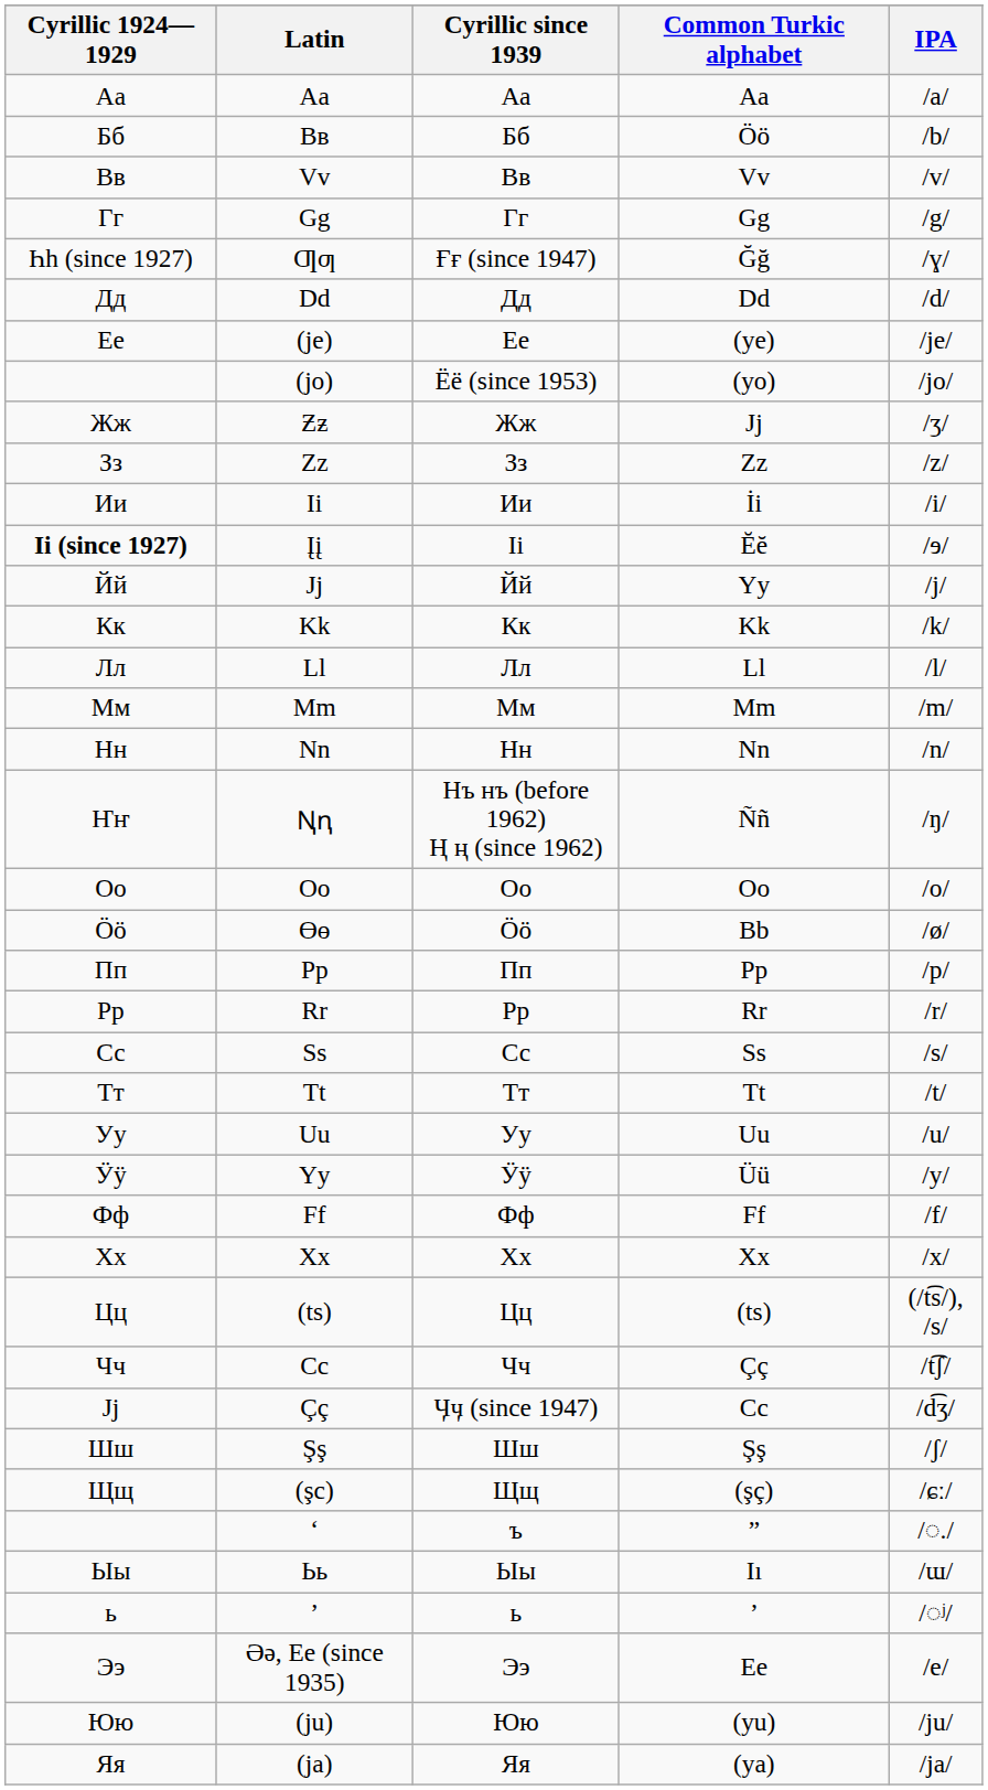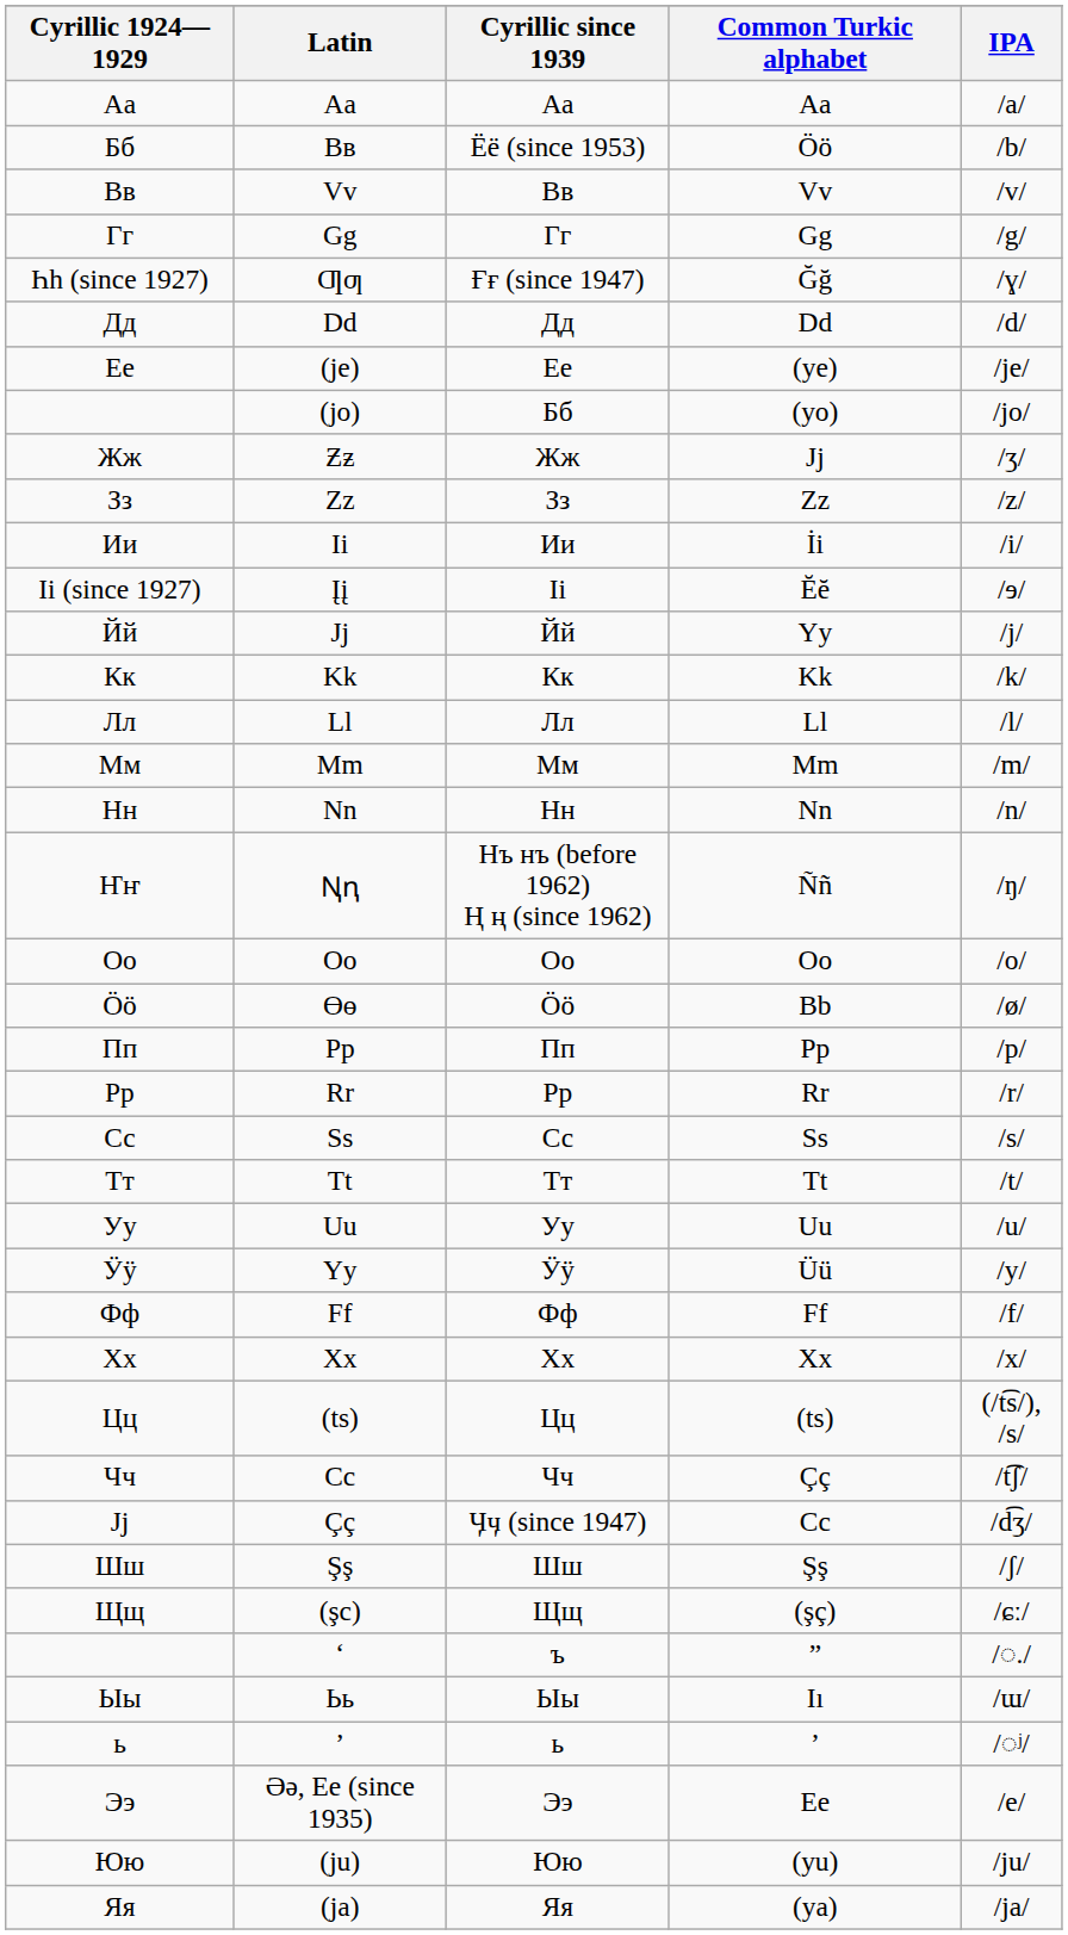 <table class="wikitable" style="text-align: center">
 <tr style="font-family: Arial Unicode MS;">
 </tr>
 <tr>
 <th>Cyrillic  1924—1929</th>
 <th>Latin</th>
 <th>Cyrillic since 1939</th>
 <th><a href='#'>Common Turkic alphabet</a></th>
 <th><a href='#'>IPA</a></th>
 </tr>
 <tr>
 <td>Аa</td>
 <td>Аa</td>
 <td>Аа</td>
 <td>Aa</td>
 <td>/a/</td>
 </tr>
 <tr>
 <td>Бб</td>
 <td>Bв</td>
-<td>Бб</td>
+<td>Ёё (since 1953)</td>
 <td>Öö</td>
 <td>/b/</td>
 </tr>
 <tr>
 <td>Вв</td>
 <td>Vv</td>
 <td>Вв</td>
 <td>Vv</td>
 <td>/v/</td>
 </tr>
 <tr>
 <td>Гг</td>
 <td>Gg</td>
 <td>Гг</td>
 <td>Gg</td>
 <td>/g/</td>
 </tr>
 <tr>
 <td>Һh (since 1927)</td>
 <td>Ƣƣ</td>
 <td>Ғғ (since 1947)</td>
 <td>Ğğ</td>
 <td>/ɣ/</td>
 </tr>
 <tr>
 <td>Дд</td>
 <td>Dd</td>
 <td>Дд</td>
 <td>Dd</td>
 <td>/d/</td>
 </tr>
 <tr>
 <td>Ее</td>
 <td>(je)</td>
 <td>Ее</td>
 <td>(ye)</td>
 <td>/je/</td>
 </tr>
 <tr>
 <td></td>
 <td>(jo)</td>
-<td>Ёё (since 1953)</td>
+<td>Бб</td>
 <td>(yo)</td>
 <td>/jo/</td>
 </tr>
 <tr>
 <td>Жж</td>
 <td>Ƶƶ</td>
 <td>Жж</td>
 <td>Jj</td>
 <td>/ʒ/</td>
 </tr>
 <tr>
 <td>Зз</td>
 <td>Zz</td>
 <td>Зз</td>
 <td>Zz</td>
 <td>/z/</td>
 </tr>
 <tr>
 <td>Ии</td>
 <td>Ii</td>
 <td>Ии</td>
 <td>İi</td>
 <td>/i/</td>
 </tr>
 <tr>
-<td><strong>Ii (since 1927)</strong></td>
+<td>Ii (since 1927)</td>
 <td>Įį</td>
 <td>Ii</td>
 <td>Ĕĕ</td>
 <td>/ɘ/</td>
 </tr>
 <tr>
 <td>Йй</td>
 <td>Jj</td>
 <td>Йй</td>
 <td>Yy</td>
 <td>/j/</td>
 </tr>
 <tr>
 <td>Кк</td>
 <td>Kk</td>
 <td>Кк</td>
 <td>Kk</td>
 <td>/k/</td>
 </tr>
 <tr>
 <td>Лл</td>
 <td>Ll</td>
 <td>Лл</td>
 <td>Ll</td>
 <td>/l/</td>
 </tr>
 <tr>
 <td>Мм</td>
 <td>Mm</td>
 <td>Мм</td>
 <td>Mm</td>
 <td>/m/</td>
 </tr>
 <tr>
 <td>Нн</td>
 <td>Nn</td>
 <td>Нн</td>
 <td>Nn</td>
 <td>/n/</td>
 </tr>
 <tr>
 <td>Ҥҥ</td>
 <td>Ꞑꞑ</td>
 <td>Нъ нъ (before 1962)<br>Ң ң (since 1962)</td>
 <td>Ññ</td>
 <td>/ŋ/</td>
 </tr>
 <tr>
 <td>Оо</td>
 <td>Оо</td>
 <td>Оо</td>
 <td>Oo</td>
 <td>/o/</td>
 </tr>
 <tr>
 <td>Ӧӧ</td>
 <td>Ɵɵ</td>
 <td>Ӧӧ</td>
 <td>Bb</td>
 <td>/ø/</td>
 </tr>
 <tr>
 <td>Пп</td>
 <td>Pp</td>
 <td>Пп</td>
 <td>Pp</td>
 <td>/p/</td>
 </tr>
 <tr>
 <td>Рр</td>
 <td>Rr</td>
 <td>Рр</td>
 <td>Rr</td>
 <td>/r/</td>
 </tr>
 <tr>
 <td>Сс</td>
 <td>Ss</td>
 <td>Сс</td>
 <td>Ss</td>
 <td>/s/</td>
 </tr>
 <tr>
 <td>Тт</td>
 <td>Tt</td>
 <td>Тт</td>
 <td>Tt</td>
 <td>/t/</td>
 </tr>
 <tr>
 <td>Уу</td>
 <td>Uu</td>
 <td>Уу</td>
 <td>Uu</td>
 <td>/u/</td>
 </tr>
 <tr>
 <td>Ӱӱ</td>
 <td>Yy</td>
 <td>Ӱӱ</td>
 <td>Üü</td>
 <td>/y/</td>
 </tr>
 <tr>
 <td>Фф</td>
 <td>Ff</td>
 <td>Фф</td>
 <td>Ff</td>
 <td>/f/</td>
 </tr>
 <tr>
 <td>Хх</td>
 <td>Хх</td>
 <td>Хх</td>
 <td>Xx</td>
 <td>/x/</td>
 </tr>
 <tr>
 <td>Цц</td>
 <td>(ts)</td>
 <td>Цц</td>
 <td>(ts)</td>
 <td>(/t͡s/), /s/</td>
 </tr>
 <tr>
 <td>Чч</td>
 <td>Cc</td>
 <td>Чч</td>
 <td>Çç</td>
 <td>/t͡ʃ/</td>
 </tr>
 <tr>
 <td>Jj</td>
 <td>Çç</td>
 <td>Ӌӌ (since 1947)</td>
 <td>Cc</td>
 <td>/d͡ʒ/</td>
 </tr>
 <tr>
 <td>Шш</td>
 <td>Şş</td>
 <td>Шш</td>
 <td>Şş</td>
 <td>/ʃ/</td>
 </tr>
 <tr>
 <td>Щщ</td>
 <td>(şc)</td>
 <td>Щщ</td>
 <td>(şç)</td>
 <td>/ɕː/</td>
 </tr>
 <tr>
 <td></td>
 <td>‘</td>
 <td>ъ</td>
 <td>”</td>
 <td>/◌./</td>
 </tr>
 <tr>
 <td>Ыы</td>
 <td>Ьь</td>
 <td>Ыы</td>
 <td>Iı</td>
 <td>/ɯ/</td>
 </tr>
 <tr>
 <td>ь</td>
 <td>’</td>
 <td>ь</td>
 <td>’</td>
 <td>/◌ʲ/</td>
 </tr>
 <tr>
 <td>Ээ</td>
 <td>Әә, Ee (since 1935)</td>
 <td>Ээ</td>
 <td>Ee</td>
 <td>/e/</td>
 </tr>
 <tr>
 <td>Юю</td>
 <td>(ju)</td>
 <td>Юю</td>
 <td>(yu)</td>
 <td>/ju/</td>
 </tr>
 <tr>
 <td>Яя</td>
 <td>(ja)</td>
 <td>Яя</td>
 <td>(ya)</td>
 <td>/ja/</td>
 </tr>
 </table>
